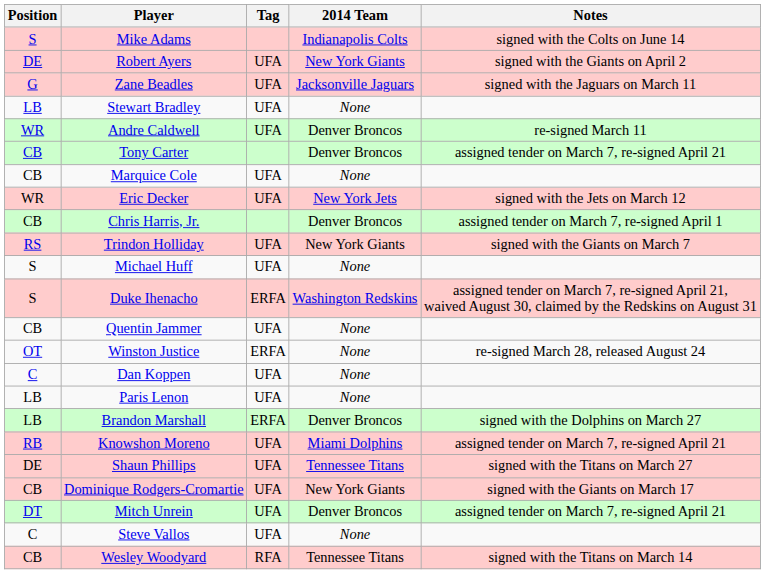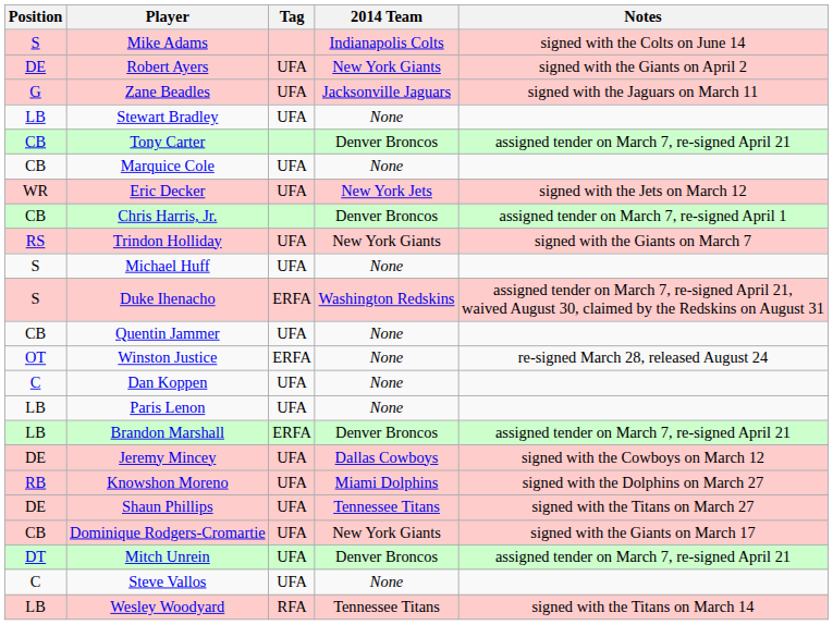 <table class="wikitable" style="text-align:center">
 <tr>
 <th>Position</th>
 <th>Player</th>
 <th>Tag</th>
 <th>2014 Team</th>
 <th>Notes</th>
 </tr>
 <tr style="background:#fcc;">
 <td><a href='#'>S</a></td>
 <td><a href='#'>Mike Adams</a></td>
 <td></td>
 <td><a href='#'>Indianapolis Colts</a></td>
 <td>signed with the Colts on June 14</td>
 </tr>
 <tr style="background:#fcc;">
 <td><a href='#'>DE</a></td>
 <td><a href='#'>Robert Ayers</a></td>
 <td>UFA</td>
 <td><a href='#'>New York Giants</a></td>
 <td>signed with the Giants on April 2</td>
 </tr>
 <tr style="background:#fcc;">
 <td><a href='#'>G</a></td>
 <td><a href='#'>Zane Beadles</a></td>
 <td>UFA</td>
 <td><a href='#'>Jacksonville Jaguars</a></td>
 <td>signed with the Jaguars on March 11</td>
 </tr>
 <tr>
 <td><a href='#'>LB</a></td>
 <td><a href='#'>Stewart Bradley</a></td>
 <td>UFA</td>
 <td><em>None</em></td>
 <td></td>
-</tr>
-<tr style="background:#cfc;">
-<td><a href='#'>WR</a></td>
-<td><a href='#'>Andre Caldwell</a></td>
-<td>UFA</td>
-<td>Denver Broncos</td>
-<td>re-signed March 11</td>
 </tr>
 <tr style="background:#cfc;">
 <td><a href='#'>CB</a></td>
 <td><a href='#'>Tony Carter</a></td>
 <td></td>
 <td>Denver Broncos</td>
 <td>assigned tender on March 7, re-signed April 21</td>
 </tr>
 <tr>
 <td>CB</td>
 <td><a href='#'>Marquice Cole</a></td>
 <td>UFA</td>
 <td><em>None</em></td>
 <td></td>
 </tr>
 <tr style="background:#fcc;">
 <td>WR</td>
 <td><a href='#'>Eric Decker</a></td>
 <td>UFA</td>
 <td><a href='#'>New York Jets</a></td>
 <td>signed with the Jets on March 12</td>
 </tr>
 <tr style="background:#cfc;">
 <td>CB</td>
 <td><a href='#'>Chris Harris, Jr.</a></td>
 <td></td>
 <td>Denver Broncos</td>
 <td>assigned tender on March 7, re-signed April 1</td>
 </tr>
 <tr style="background:#fcc;">
 <td><a href='#'>RS</a></td>
 <td><a href='#'>Trindon Holliday</a></td>
 <td>UFA</td>
 <td>New York Giants</td>
 <td>signed with the Giants on March 7</td>
 </tr>
 <tr>
 <td>S</td>
 <td><a href='#'>Michael Huff</a></td>
 <td>UFA</td>
 <td><em>None</em></td>
 <td></td>
 </tr>
 <tr style="background:#fcc;">
 <td>S</td>
 <td><a href='#'>Duke Ihenacho</a></td>
 <td>ERFA</td>
 <td><a href='#'>Washington Redskins</a></td>
 <td>assigned tender on March 7, re-signed April 21,<br>waived August 30, claimed by the Redskins on August 31</td>
 </tr>
 <tr>
 <td>CB</td>
 <td><a href='#'>Quentin Jammer</a></td>
 <td>UFA</td>
 <td><em>None</em></td>
 <td></td>
 </tr>
 <tr>
 <td><a href='#'>OT</a></td>
 <td><a href='#'>Winston Justice</a></td>
 <td>ERFA</td>
 <td><em>None</em></td>
 <td>re-signed March 28, released August 24</td>
 </tr>
 <tr>
 <td><a href='#'>C</a></td>
 <td><a href='#'>Dan Koppen</a></td>
 <td>UFA</td>
 <td><em>None</em></td>
 <td></td>
 </tr>
 <tr>
 <td>LB</td>
 <td><a href='#'>Paris Lenon</a></td>
 <td>UFA</td>
 <td><em>None</em></td>
 <td></td>
 </tr>
 <tr style="background:#cfc;">
 <td>LB</td>
 <td><a href='#'>Brandon Marshall</a></td>
 <td>ERFA</td>
 <td>Denver Broncos</td>
-<td>signed with the Dolphins on March 27</td>
+<td>assigned tender on March 7, re-signed April 21</td>
+</tr>
+<tr style="background:#fcc;">
+<td>DE</td>
+<td><a href='#'>Jeremy Mincey</a></td>
+<td>UFA</td>
+<td><a href='#'>Dallas Cowboys</a></td>
+<td>signed with the Cowboys on March 12</td>
 </tr>
 <tr style="background:#fcc;">
 <td><a href='#'>RB</a></td>
 <td><a href='#'>Knowshon Moreno</a></td>
 <td>UFA</td>
 <td><a href='#'>Miami Dolphins</a></td>
-<td>assigned tender on March 7, re-signed April 21</td>
+<td>signed with the Dolphins on March 27</td>
 </tr>
 <tr style="background:#fcc;">
 <td>DE</td>
 <td><a href='#'>Shaun Phillips</a></td>
 <td>UFA</td>
 <td><a href='#'>Tennessee Titans</a></td>
 <td>signed with the Titans on March 27</td>
 </tr>
 <tr style="background:#fcc;">
 <td>CB</td>
 <td><a href='#'>Dominique Rodgers-Cromartie</a></td>
 <td>UFA</td>
 <td>New York Giants</td>
 <td>signed with the Giants on March 17</td>
 </tr>
 <tr style="background:#cfc;">
 <td><a href='#'>DT</a></td>
 <td><a href='#'>Mitch Unrein</a></td>
 <td>UFA</td>
 <td>Denver Broncos</td>
 <td>assigned tender on March 7, re-signed April 21</td>
 </tr>
 <tr>
 <td>C</td>
 <td><a href='#'>Steve Vallos</a></td>
 <td>UFA</td>
 <td><em>None</em></td>
 <td></td>
 </tr>
 <tr style="background:#fcc;">
-<td>CB</td>
+<td>LB</td>
 <td><a href='#'>Wesley Woodyard</a></td>
 <td>RFA</td>
 <td>Tennessee Titans</td>
 <td>signed with the Titans on March 14</td>
 </tr>
 </table>
